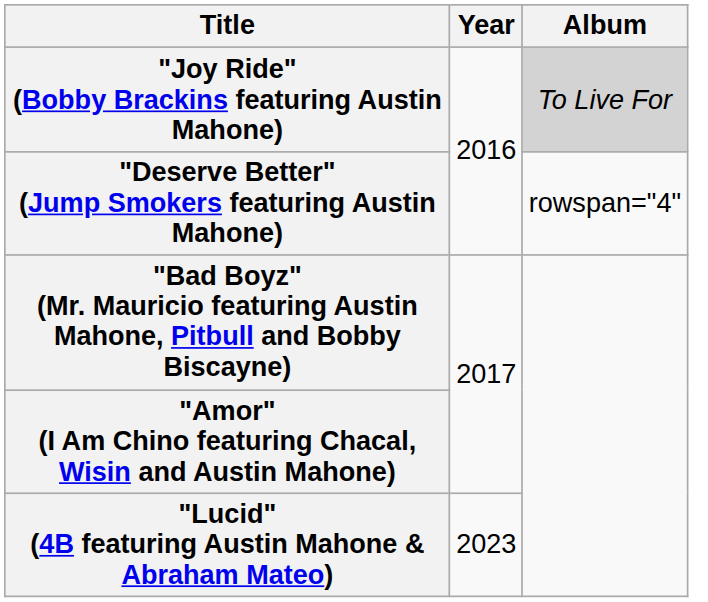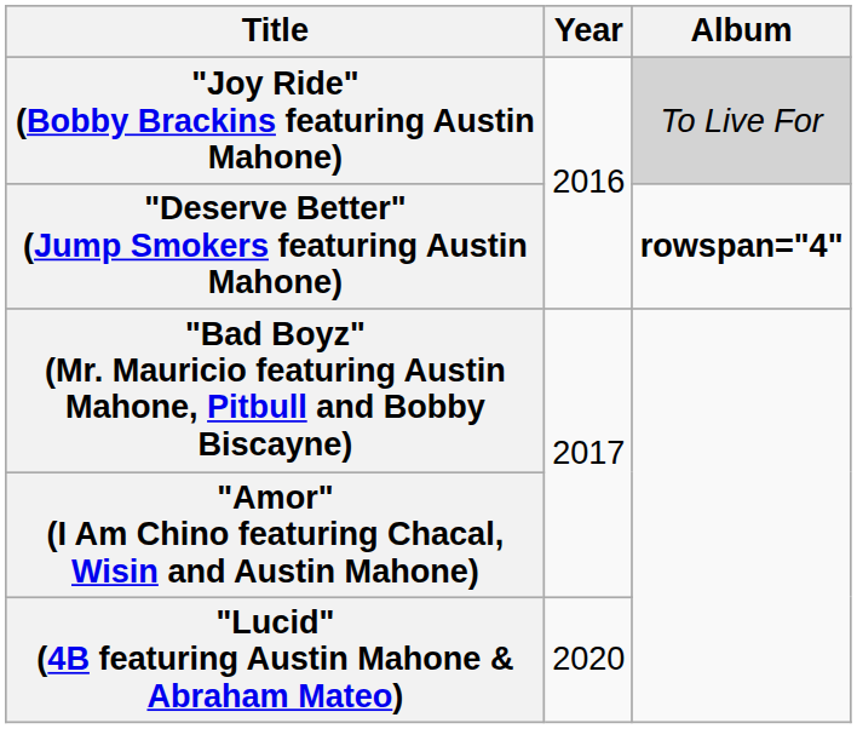 <table class="wikitable plainrowheaders" style="text-align:center;">
 <tr>
 <th scope="col" style="width:16em;">Title</th>
 <th scope="col">Year</th>
 <th scope="col">Album</th>
 </tr>
 <tr>
 <th scope="row">"Joy Ride"<br><span>(<a href='#'>Bobby Brackins</a> featuring Austin Mahone)</span></th>
 <td rowspan="2">2016</td>
 <td style="background: lightgrey;"><em>To Live For</em></td>
 </tr>
 <tr>
 <th scope="row">"Deserve Better"<br><span>(<a href='#'>Jump Smokers</a> featuring Austin Mahone)</span></th>
-<td>rowspan="4" </td>
+<td><strong>rowspan="4" </strong></td>
 </tr>
 <tr>
 <th scope="row">"Bad Boyz"<br><span>(Mr. Mauricio featuring Austin Mahone, <a href='#'>Pitbull</a> and Bobby Biscayne)</span></th>
 <td rowspan="2">2017</td>
 </tr>
 <tr>
 <th scope="row">"Amor" <br><span>(I Am Chino featuring Chacal, <a href='#'>Wisin</a> and Austin Mahone)</span></th>
 </tr>
 <tr>
 <th scope="row">"Lucid"<br><span>(<a href='#'>4B</a> featuring Austin Mahone & <a href='#'>Abraham Mateo</a>)</span></th>
-<td>2023</td>
+<td>2020</td>
 </tr>
 </table>
